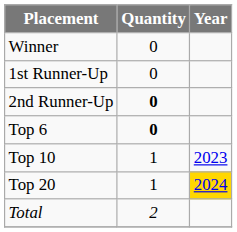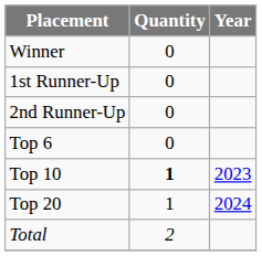 <table class="wikitable"style="font-size:90%;">
 <tr>
 <th style="background-color:#787878;color:#FFFFFF;">Placement</th>
 <th style="background-color:#787878;color:#FFFFFF;">Quantity</th>
 <th style="background-color:#787878;color:#FFFFFF;">Year</th>
 </tr>
 <tr>
 <td>Winner</td>
 <td style="text-align:center;">0</td>
 <td></td>
 </tr>
 <tr>
 <td>1st Runner-Up</td>
 <td style="text-align:center;">0</td>
 <td></td>
 </tr>
 <tr>
 <td>2nd Runner-Up</td>
-<td style="text-align:center;"><strong>0</strong></td>
+<td style="text-align:center;">0</td>
 <td></td>
 </tr>
 <tr>
 <td>Top 6</td>
-<td style="text-align:center;"><strong>0</strong></td>
+<td style="text-align:center;">0</td>
 <td></td>
 </tr>
 <tr>
 <td>Top 10</td>
-<td style="text-align:center;">1</td>
+<td style="text-align:center;"><strong>1</strong></td>
 <td><a href='#'>2023</a></td>
 </tr>
 <tr>
 <td>Top 20</td>
 <td style="text-align:center;">1</td>
-<td style="background: gold;"><a href='#'>2024</a></td>
+<td><a href='#'>2024</a></td>
 </tr>
 <tr>
 <td><em>Total</em></td>
 <td style="text-align:center;"><em>2</em></td>
 <td></td>
 </tr>
 <tr>
 </tr>
 </table>
